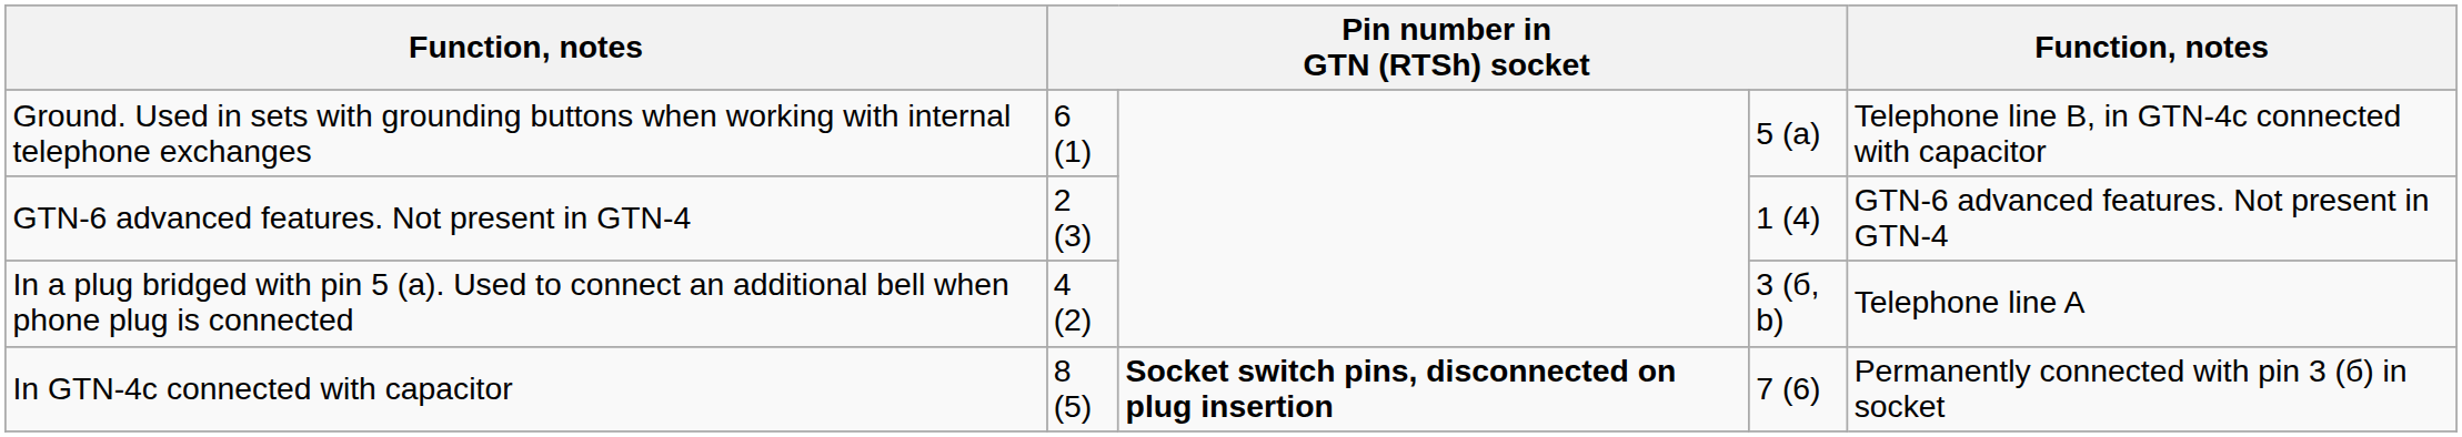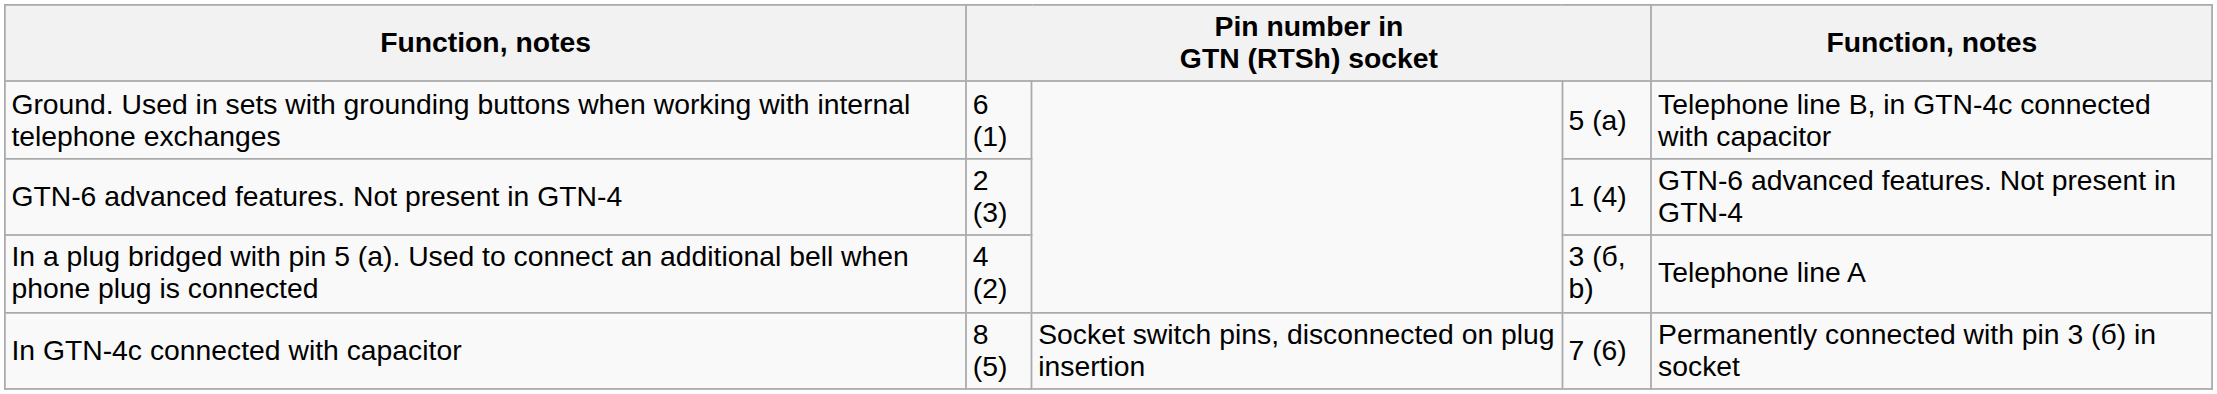 <table class="wikitable">
 <tr>
 <th>Function, notes</th>
 <th colspan="3">Pin number in<br>GTN (RTSh) socket</th>
 <th>Function, notes</th>
 </tr>
 <tr>
 <td>Ground. Used in sets with grounding buttons when working with internal telephone exchanges</td>
 <td>6 (1)</td>
 <td rowspan="3"></td>
 <td>5 (а)</td>
 <td>Telephone line B, in GTN-4c connected with capacitor</td>
 </tr>
 <tr>
 <td>GTN-6 advanced features. Not present in GTN-4</td>
 <td>2 (3)</td>
 <td>1 (4)</td>
 <td>GTN-6 advanced features. Not present in GTN-4</td>
 </tr>
 <tr>
 <td>In a plug bridged with pin 5 (а). Used to connect an additional bell when phone plug is connected</td>
 <td>4 (2)</td>
 <td>3 (б, b)</td>
 <td>Telephone line A</td>
 </tr>
 <tr>
 <td>In GTN-4c connected with capacitor</td>
 <td>8 (5)</td>
-<td><strong>Socket switch pins, disconnected on plug insertion</strong></td>
+<td>Socket switch pins, disconnected on plug insertion</td>
 <td>7 (6)</td>
 <td>Permanently connected with pin 3 (б) in socket</td>
 </tr>
 </table>
